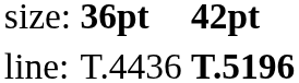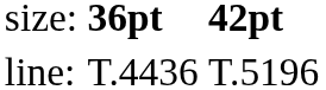 <table style="margin-left:40px;">
 <tr>
 <td>size:</td>
 <td><strong>36pt</strong></td>
 <td><strong>42pt</strong></td>
 </tr>
 <tr>
 <td>line:</td>
 <td>T.4436</td>
-<td><strong>T.5196</strong></td>
+<td>T.5196</td>
 </tr>
 </table>
